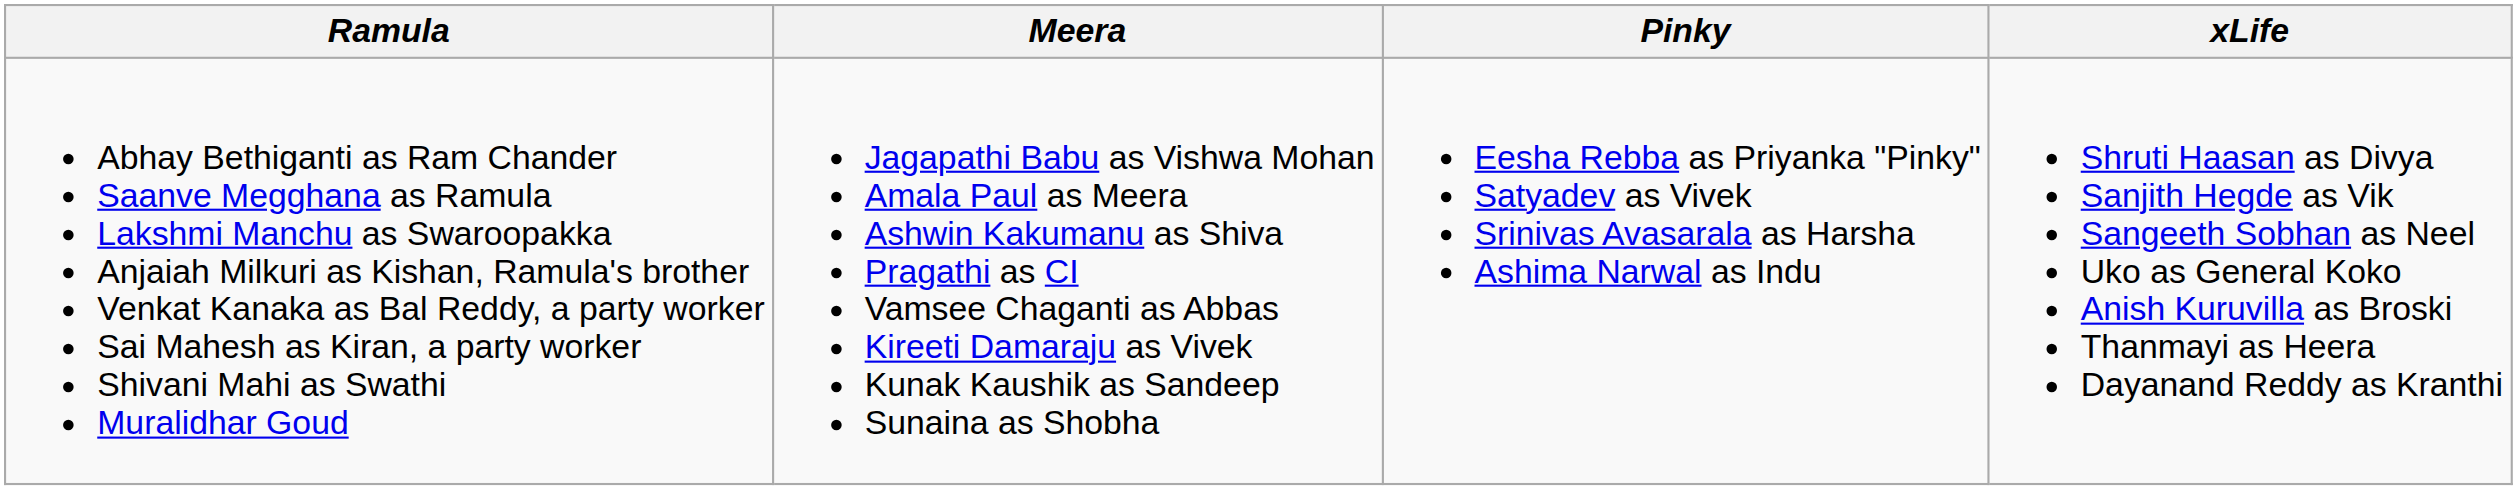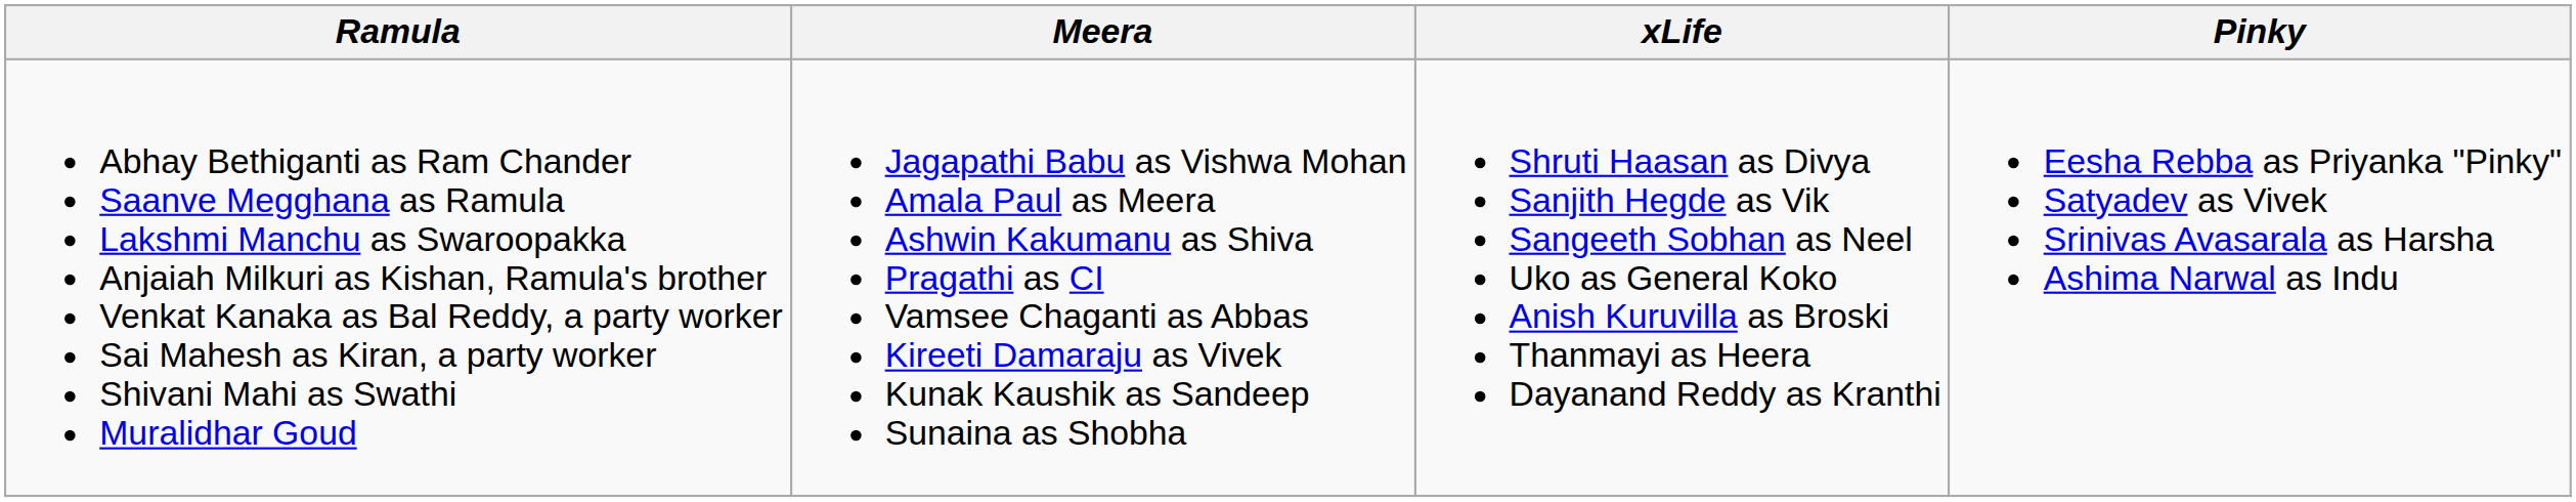 <table class="wikitable">
 <tr>
 <th><em>Ramula</em></th>
 <th><em>Meera</em></th>
+<th><em>xLife</em></th>
 <th><em>Pinky</em></th>
-<th><em>xLife</em></th>
 </tr>
 <tr>
 <td valign="top"><br><ul><li>Abhay Bethiganti as Ram Chander</li><li><a href='#'>Saanve Megghana</a> as Ramula</li><li><a href='#'>Lakshmi Manchu</a> as Swaroopakka</li><li>Anjaiah Milkuri as Kishan, Ramula's brother</li><li>Venkat Kanaka as Bal Reddy, a party worker</li><li>Sai Mahesh as Kiran, a party worker</li><li>Shivani Mahi as Swathi</li><li><a href='#'>Muralidhar Goud</a></li></ul></td>
 <td valign="top"><br><ul><li><a href='#'>Jagapathi Babu</a> as Vishwa Mohan</li><li><a href='#'>Amala Paul</a> as Meera</li><li><a href='#'>Ashwin Kakumanu</a> as Shiva</li><li><a href='#'>Pragathi</a> as <a href='#'>CI</a></li><li>Vamsee Chaganti as Abbas</li><li><a href='#'>Kireeti Damaraju</a> as Vivek</li><li>Kunak Kaushik as Sandeep</li><li>Sunaina as Shobha</li></ul></td>
+<td valign="top"><br><ul><li><a href='#'>Shruti Haasan</a> as Divya</li><li><a href='#'>Sanjith Hegde</a> as Vik</li><li><a href='#'>Sangeeth Sobhan</a> as Neel</li><li>Uko as General Koko</li><li><a href='#'>Anish Kuruvilla</a> as Broski</li><li>Thanmayi as Heera</li><li>Dayanand Reddy as Kranthi</li></ul></td>
 <td valign="top"><br><ul><li><a href='#'>Eesha Rebba</a> as Priyanka "Pinky"</li><li><a href='#'>Satyadev</a> as Vivek</li><li><a href='#'>Srinivas Avasarala</a> as Harsha</li><li><a href='#'>Ashima Narwal</a> as Indu</li></ul></td>
-<td valign="top"><br><ul><li><a href='#'>Shruti Haasan</a> as Divya</li><li><a href='#'>Sanjith Hegde</a> as Vik</li><li><a href='#'>Sangeeth Sobhan</a> as Neel</li><li>Uko as General Koko</li><li><a href='#'>Anish Kuruvilla</a> as Broski</li><li>Thanmayi as Heera</li><li>Dayanand Reddy as Kranthi</li></ul></td>
 </tr>
 </table>
